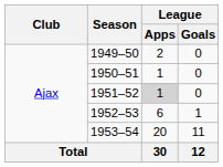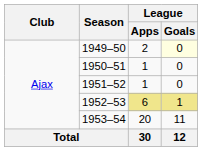 <table class="wikitable" style="font-size:100%; text-align: center;">
 <tr>
 <th rowspan="2" width="100">Club</th>
 <th rowspan="2">Season</th>
 <th colspan="2">League</th>
 </tr>
 <tr>
 <th>Apps</th>
 <th>Goals</th>
 </tr>
 <tr>
 <td rowspan="5"><a href='#'>Ajax</a></td>
 <td>1949–50</td>
 <td>2</td>
-<td>0</td>
+<td style="background: lightyellow;">0</td>
 </tr>
 <tr>
 <td>1950–51</td>
 <td>1</td>
 <td>0</td>
 </tr>
 <tr>
 <td>1951–52</td>
-<td style="background: lightgrey;">1</td>
+<td>1</td>
 <td>0</td>
 </tr>
 <tr>
 <td>1952–53</td>
-<td>6</td>
-<td>1</td>
+<td style="background: khaki;">6</td>
+<td style="background: khaki;">1</td>
 </tr>
 <tr>
 <td>1953–54</td>
 <td>20</td>
 <td>11</td>
 </tr>
 <tr>
 <th colspan="2">Total</th>
 <th>30</th>
 <th>12</th>
 </tr>
 </table>
